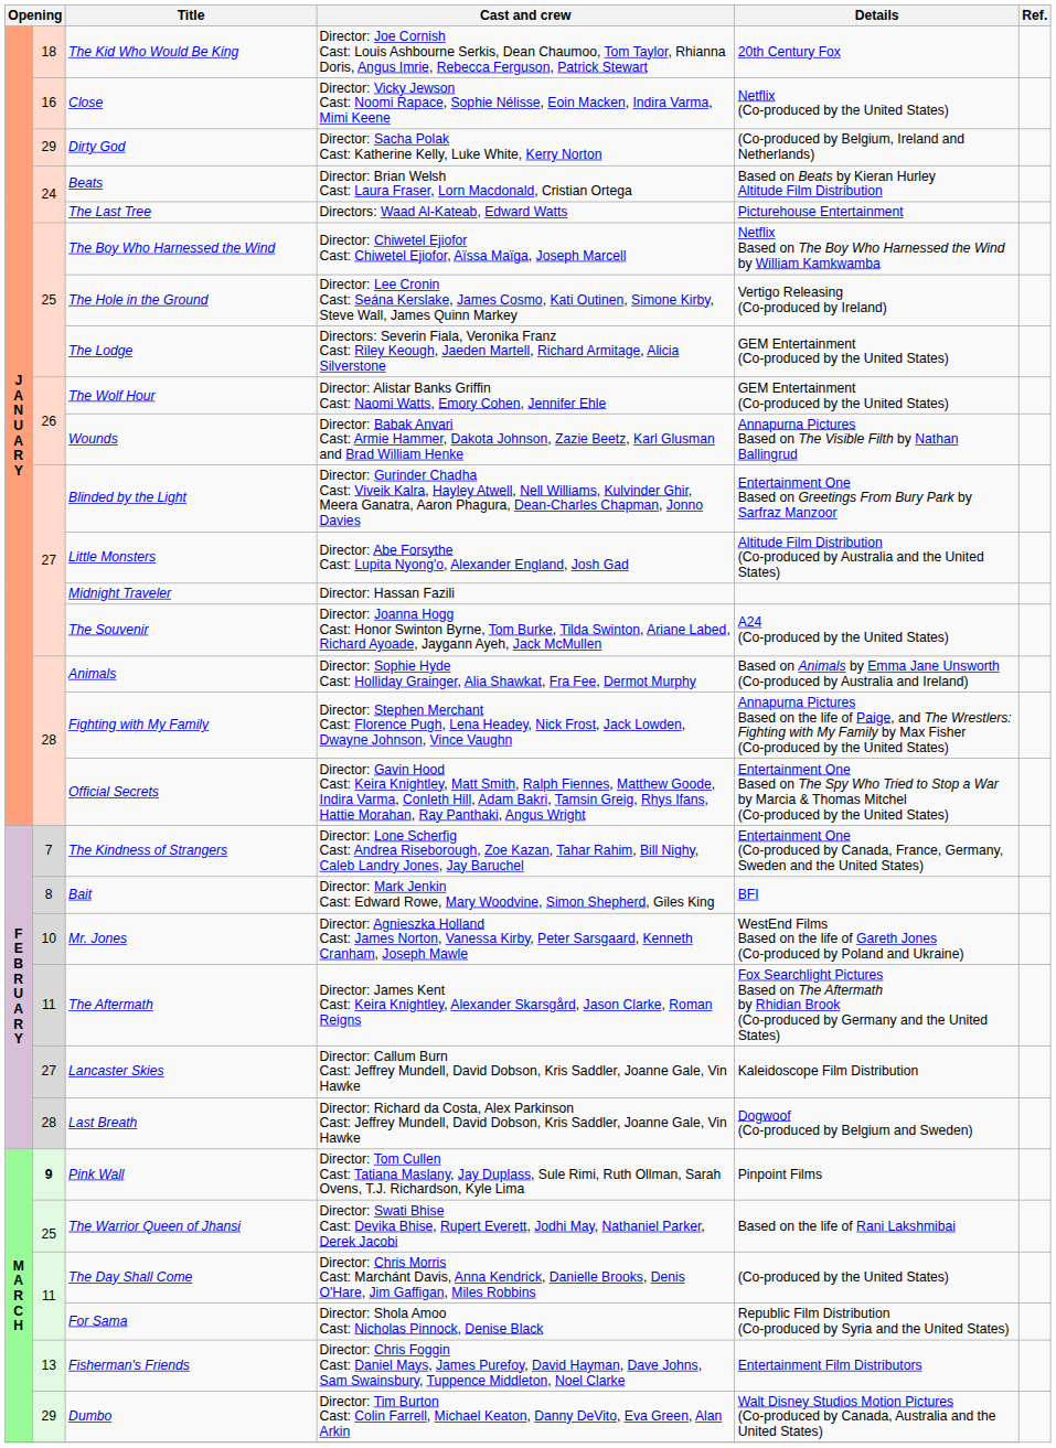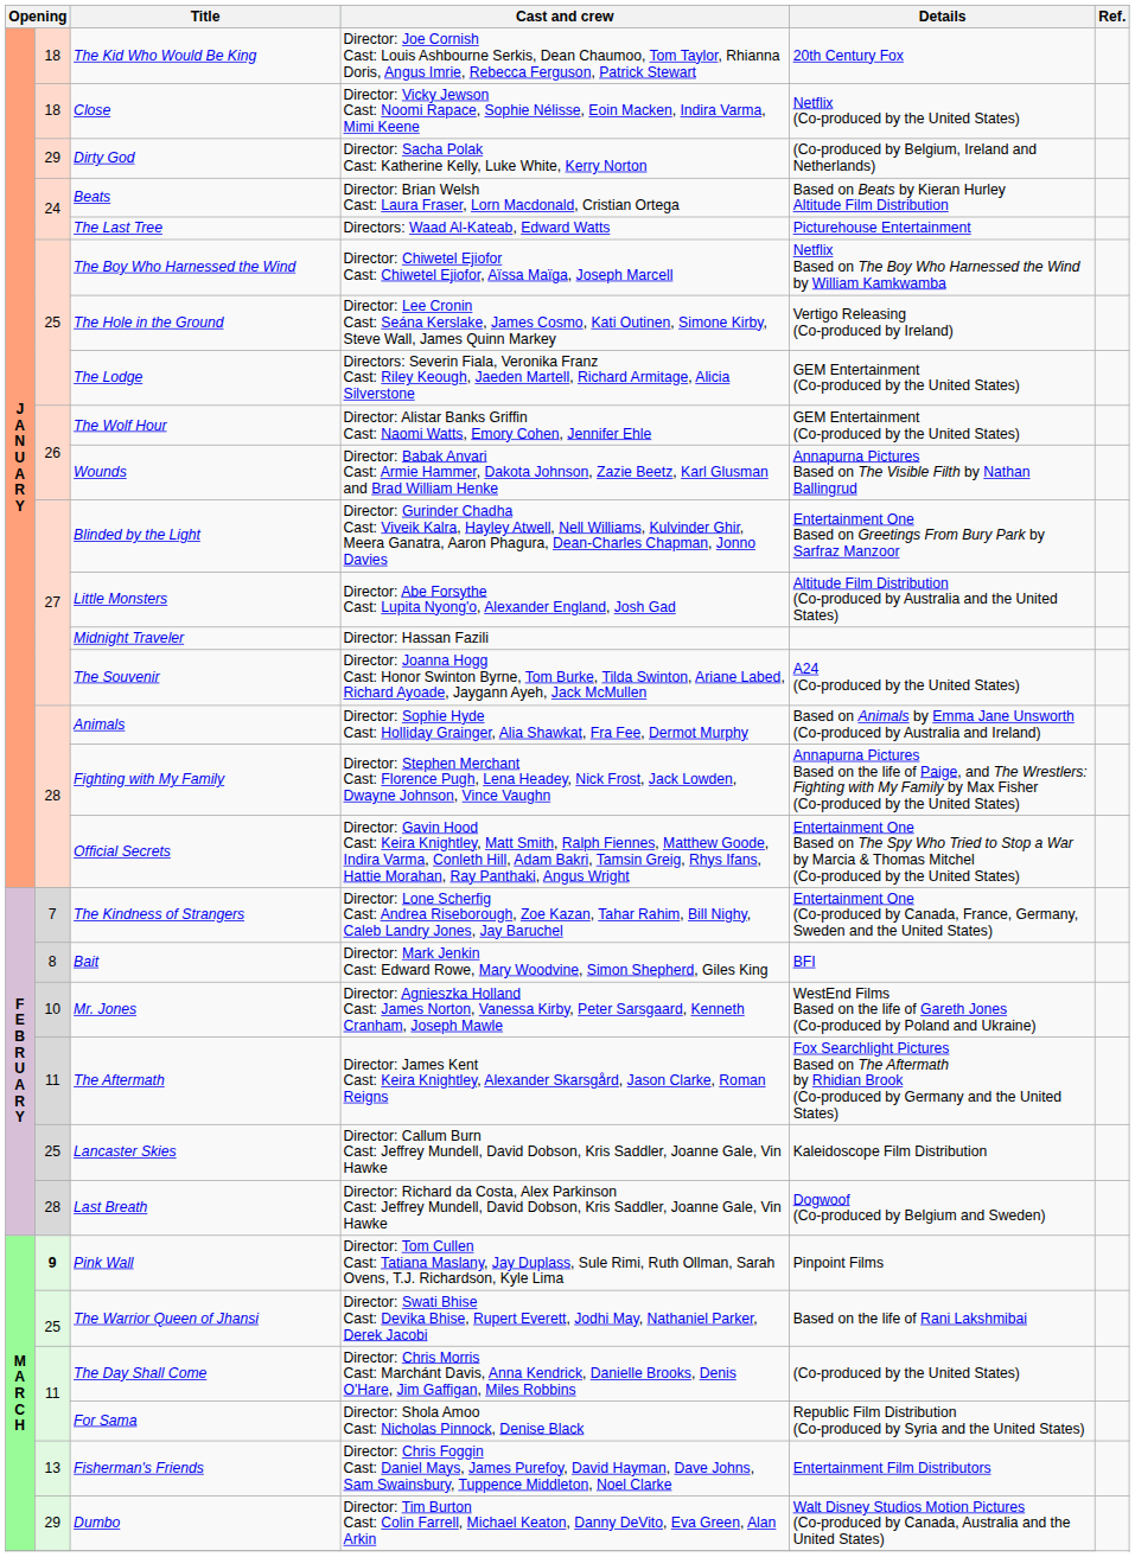 <table class="wikitable">
 <tr style="background:#b0e0e6; text-align:center;">
 <th colspan="2">Opening</th>
 <th style="width:24%;">Title</th>
 <th style="width:40%;">Cast and crew</th>
 <th>Details</th>
 <th style="width:2%;">Ref.</th>
 </tr>
 <tr>
 <th rowspan="17" style="text-align:center; background:#ffa07a; textcolor:#000;">J<br>A<br>N<br>U<br>A<br>R<br>Y</th>
 <td style="text-align:center; background:#ffdacc;">18</td>
 <td><em><a href='#'>The Kid Who Would Be King</a></em></td>
 <td>Director: <a href='#'>Joe Cornish</a> <br> Cast: Louis Ashbourne Serkis, Dean Chaumoo, <a href='#'>Tom Taylor</a>, Rhianna Doris, <a href='#'>Angus Imrie</a>, <a href='#'>Rebecca Ferguson</a>, <a href='#'>Patrick Stewart</a></td>
 <td><a href='#'>20th Century Fox</a></td>
 <td style="text-align:center"></td>
 </tr>
 <tr>
-<td style="text-align:center; background:#ffdacc;">16</td>
+<td style="text-align:center; background:#ffdacc;">18</td>
 <td><em><a href='#'>Close</a></em></td>
 <td>Director: <a href='#'>Vicky Jewson</a> <br> Cast: <a href='#'>Noomi Rapace</a>, <a href='#'>Sophie Nélisse</a>, <a href='#'>Eoin Macken</a>, <a href='#'>Indira Varma</a>, <a href='#'>Mimi Keene</a></td>
 <td><a href='#'>Netflix</a> <br> (Co-produced by the United States)</td>
 <td style="text-align:center"></td>
 </tr>
 <tr>
 <td style="text-align:center; background:#ffdacc;">29</td>
 <td><em><a href='#'>Dirty God</a></em></td>
 <td>Director: <a href='#'>Sacha Polak</a> <br> Cast: Katherine Kelly, Luke White, <a href='#'>Kerry Norton</a></td>
 <td>(Co-produced by Belgium, Ireland and Netherlands)</td>
 <td style="text-align:center"></td>
 </tr>
 <tr>
 <td rowspan="2" style="text-align:center; background:#ffdacc;">24</td>
 <td><em><a href='#'>Beats</a></em></td>
 <td>Director: Brian Welsh <br> Cast: <a href='#'>Laura Fraser</a>, <a href='#'>Lorn Macdonald</a>, Cristian Ortega</td>
 <td>Based on <em>Beats</em> by Kieran Hurley <br> <a href='#'>Altitude Film Distribution</a></td>
 <td></td>
 </tr>
 <tr>
 <td><em><a href='#'>The Last Tree</a></em></td>
 <td>Directors: <a href='#'>Waad Al-Kateab</a>, <a href='#'>Edward Watts</a></td>
 <td><a href='#'>Picturehouse Entertainment</a></td>
 <td style="text-align:center"></td>
 </tr>
 <tr>
 <td rowspan="3" style="text-align:center; background:#ffdacc;">25</td>
 <td><em><a href='#'>The Boy Who Harnessed the Wind</a></em></td>
 <td>Director: <a href='#'>Chiwetel Ejiofor</a> <br> Cast: <a href='#'>Chiwetel Ejiofor</a>, <a href='#'>Aïssa Maïga</a>, <a href='#'>Joseph Marcell</a></td>
 <td><a href='#'>Netflix</a> <br> Based on <em>The Boy Who Harnessed the Wind</em> by <a href='#'>William Kamkwamba</a></td>
 <td style="text-align:center"></td>
 </tr>
 <tr>
 <td><em><a href='#'>The Hole in the Ground</a></em></td>
 <td>Director: <a href='#'>Lee Cronin</a> <br> Cast: <a href='#'>Seána Kerslake</a>, <a href='#'>James Cosmo</a>, <a href='#'>Kati Outinen</a>, <a href='#'>Simone Kirby</a>, Steve Wall, James Quinn Markey</td>
 <td>Vertigo Releasing <br> (Co-produced by Ireland)</td>
 <td style="text-align:center"></td>
 </tr>
 <tr>
 <td><em><a href='#'>The Lodge</a></em></td>
 <td>Directors: Severin Fiala, Veronika Franz <br> Cast: <a href='#'>Riley Keough</a>, <a href='#'>Jaeden Martell</a>, <a href='#'>Richard Armitage</a>, <a href='#'>Alicia Silverstone</a></td>
 <td>GEM Entertainment <br> (Co-produced by the United States)</td>
 <td style="text-align:center"></td>
 </tr>
 <tr>
 <td rowspan="2" style="text-align:center; background:#ffdacc;">26</td>
 <td><em><a href='#'>The Wolf Hour</a></em></td>
 <td>Director: Alistar Banks Griffin <br> Cast: <a href='#'>Naomi Watts</a>, <a href='#'>Emory Cohen</a>, <a href='#'>Jennifer Ehle</a></td>
 <td>GEM Entertainment <br> (Co-produced by the United States)</td>
 <td style="text-align:center"></td>
 </tr>
 <tr>
 <td><em><a href='#'>Wounds</a></em></td>
 <td>Director: <a href='#'>Babak Anvari</a> <br> Cast: <a href='#'>Armie Hammer</a>, <a href='#'>Dakota Johnson</a>, <a href='#'>Zazie Beetz</a>, <a href='#'>Karl Glusman</a> and <a href='#'>Brad William Henke</a></td>
 <td><a href='#'>Annapurna Pictures</a> <br> Based on <em>The Visible Filth</em> by <a href='#'>Nathan Ballingrud</a></td>
 <td style="text-align:center"></td>
 </tr>
 <tr>
 <td rowspan="4" style="text-align:center; background:#ffdacc;">27</td>
 <td><em><a href='#'>Blinded by the Light</a></em></td>
 <td>Director: <a href='#'>Gurinder Chadha</a> <br> Cast: <a href='#'>Viveik Kalra</a>, <a href='#'>Hayley Atwell</a>, <a href='#'>Nell Williams</a>, <a href='#'>Kulvinder Ghir</a>, Meera Ganatra, Aaron Phagura, <a href='#'>Dean-Charles Chapman</a>, <a href='#'>Jonno Davies</a></td>
 <td><a href='#'>Entertainment One</a> <br> Based on <em>Greetings From Bury Park</em> by <a href='#'>Sarfraz Manzoor</a></td>
 <td style="text-align:center"></td>
 </tr>
 <tr>
 <td><em><a href='#'>Little Monsters</a></em></td>
 <td>Director: <a href='#'>Abe Forsythe</a> <br> Cast: <a href='#'>Lupita Nyong'o</a>, <a href='#'>Alexander England</a>, <a href='#'>Josh Gad</a></td>
 <td><a href='#'>Altitude Film Distribution</a> <br> (Co-produced by Australia and the United States)</td>
 <td style="text-align:center"></td>
 </tr>
 <tr>
 <td><em><a href='#'>Midnight Traveler</a></em></td>
 <td>Director: Hassan Fazili</td>
 <td></td>
 <td style="text-align:center"></td>
 </tr>
 <tr>
 <td><em><a href='#'>The Souvenir</a></em></td>
 <td>Director: <a href='#'>Joanna Hogg</a> <br> Cast: Honor Swinton Byrne, <a href='#'>Tom Burke</a>, <a href='#'>Tilda Swinton</a>, <a href='#'>Ariane Labed</a>, <a href='#'>Richard Ayoade</a>, Jaygann Ayeh, <a href='#'>Jack McMullen</a></td>
 <td><a href='#'>A24</a> <br> (Co-produced by the United States)</td>
 <td style="text-align:center"></td>
 </tr>
 <tr>
 <td rowspan="3" style="text-align:center; background:#ffdacc;">28</td>
 <td><em><a href='#'>Animals</a></em></td>
 <td>Director: <a href='#'>Sophie Hyde</a> <br> Cast: <a href='#'>Holliday Grainger</a>, <a href='#'>Alia Shawkat</a>, <a href='#'>Fra Fee</a>, <a href='#'>Dermot Murphy</a></td>
 <td>Based on <a href='#'><em>Animals</em></a> by <a href='#'>Emma Jane Unsworth</a> <br> (Co-produced by Australia and Ireland)</td>
 <td style="text-align:center"></td>
 </tr>
 <tr>
 <td><em><a href='#'>Fighting with My Family</a></em></td>
 <td>Director: <a href='#'>Stephen Merchant</a> <br> Cast: <a href='#'>Florence Pugh</a>, <a href='#'>Lena Headey</a>, <a href='#'>Nick Frost</a>, <a href='#'>Jack Lowden</a>, <a href='#'>Dwayne Johnson</a>, <a href='#'>Vince Vaughn</a></td>
 <td><a href='#'>Annapurna Pictures</a> <br> Based on the life of <a href='#'>Paige</a>, and <em>The Wrestlers: Fighting with My Family</em> by Max Fisher <br> (Co-produced by the United States)</td>
 <td style="text-align:center"></td>
 </tr>
 <tr>
 <td><em><a href='#'>Official Secrets</a></em></td>
 <td>Director: <a href='#'>Gavin Hood</a> <br> Cast: <a href='#'>Keira Knightley</a>, <a href='#'>Matt Smith</a>, <a href='#'>Ralph Fiennes</a>, <a href='#'>Matthew Goode</a>, <a href='#'>Indira Varma</a>, <a href='#'>Conleth Hill</a>, <a href='#'>Adam Bakri</a>, <a href='#'>Tamsin Greig</a>, <a href='#'>Rhys Ifans</a>, <a href='#'>Hattie Morahan</a>, <a href='#'>Ray Panthaki</a>, <a href='#'>Angus Wright</a></td>
 <td><a href='#'>Entertainment One</a> <br> Based on <em>The Spy Who Tried to Stop a War</em> by Marcia & Thomas Mitchel <br> (Co-produced by the United States)</td>
 <td style="text-align:center"></td>
 </tr>
 <tr>
 <th rowspan="6" style="text-align:center; background:thistle; textcolor:#000;">F<br>E<br>B<br>R<br>U<br>A<br>R<br>Y</th>
 <td style="text-align:center; background:#d8d8d8;">7</td>
 <td><em><a href='#'>The Kindness of Strangers</a></em></td>
 <td>Director: <a href='#'>Lone Scherfig</a> <br> Cast: <a href='#'>Andrea Riseborough</a>, <a href='#'>Zoe Kazan</a>, <a href='#'>Tahar Rahim</a>, <a href='#'>Bill Nighy</a>, <a href='#'>Caleb Landry Jones</a>, <a href='#'>Jay Baruchel</a></td>
 <td><a href='#'>Entertainment One</a> <br> (Co-produced by Canada, France, Germany, Sweden and the United States)</td>
 <td style="text-align:center"></td>
 </tr>
 <tr>
 <td style="text-align:center; background:#d8d8d8;">8</td>
 <td><em><a href='#'>Bait</a></em></td>
 <td>Director: <a href='#'>Mark Jenkin</a> <br> Cast: Edward Rowe, <a href='#'>Mary Woodvine</a>, <a href='#'>Simon Shepherd</a>, Giles King</td>
 <td><a href='#'>BFI</a></td>
 <td></td>
 </tr>
 <tr>
 <td style="text-align:center; background:#d8d8d8;">10</td>
 <td><em><a href='#'>Mr. Jones</a></em></td>
 <td>Director: <a href='#'>Agnieszka Holland</a> <br> Cast: <a href='#'>James Norton</a>, <a href='#'>Vanessa Kirby</a>, <a href='#'>Peter Sarsgaard</a>, <a href='#'>Kenneth Cranham</a>, <a href='#'>Joseph Mawle</a></td>
 <td>WestEnd Films <br> Based on the life of <a href='#'>Gareth Jones</a> <br> (Co-produced by Poland and Ukraine)</td>
 <td style="text-align:center"></td>
 </tr>
 <tr>
 <td style="text-align:center; background:#d8d8d8;">11</td>
 <td><em><a href='#'>The Aftermath</a></em></td>
 <td>Director: James Kent <br> Cast: <a href='#'>Keira Knightley</a>, <a href='#'>Alexander Skarsgård</a>, <a href='#'>Jason Clarke</a>, <a href='#'>Roman Reigns</a></td>
 <td><a href='#'>Fox Searchlight Pictures</a> <br> Based on <em>The Aftermath</em><br>by <a href='#'>Rhidian Brook</a> <br> (Co-produced by Germany and the United States)</td>
 <td style="text-align:center"></td>
 </tr>
 <tr>
-<td style="text-align:center; background:#d8d8d8;">27</td>
+<td style="text-align:center; background:#d8d8d8;">25</td>
 <td><em><a href='#'>Lancaster Skies</a></em></td>
 <td>Director: Callum Burn <br> Cast: Jeffrey Mundell, David Dobson, Kris Saddler, Joanne Gale, Vin Hawke</td>
 <td>Kaleidoscope Film Distribution</td>
 <td style="text-align:center"></td>
 </tr>
 <tr>
 <td style="text-align:center; background:#d8d8d8;">28</td>
 <td><em><a href='#'>Last Breath</a></em></td>
 <td>Director: Richard da Costa, Alex Parkinson <br> Cast: Jeffrey Mundell, David Dobson, Kris Saddler, Joanne Gale, Vin Hawke</td>
 <td><a href='#'>Dogwoof</a> <br> (Co-produced by Belgium and Sweden)</td>
 <td style="text-align:center"></td>
 </tr>
 <tr>
 <th rowspan="6" style="text-align:center; background:#98fb98; textcolor:#000;">M<br>A<br>R<br>C<br>H</th>
 <td style="text-align:center; background:#e0f9e0;"><strong>9</strong></td>
 <td><em><a href='#'>Pink Wall</a></em></td>
 <td>Director: <a href='#'>Tom Cullen</a> <br> Cast: <a href='#'>Tatiana Maslany</a>, <a href='#'>Jay Duplass</a>, Sule Rimi, Ruth Ollman, Sarah Ovens, T.J. Richardson, Kyle Lima</td>
 <td>Pinpoint Films</td>
 <td style="text-align:center"></td>
 </tr>
 <tr>
 <td style="text-align:center; background:#e0f9e0;"><br>25</td>
 <td><em><a href='#'>The Warrior Queen of Jhansi</a></em></td>
 <td>Director: <a href='#'>Swati Bhise</a> <br> Cast: <a href='#'>Devika Bhise</a>, <a href='#'>Rupert Everett</a>, <a href='#'>Jodhi May</a>, <a href='#'>Nathaniel Parker</a>, <a href='#'>Derek Jacobi</a></td>
 <td>Based on the life of <a href='#'>Rani Lakshmibai</a></td>
 <td style="text-align:center"></td>
 </tr>
 <tr>
 <td rowspan="2" style="text-align:center; background:#e0f9e0;">11</td>
 <td><em><a href='#'>The Day Shall Come</a></em></td>
 <td>Director: <a href='#'>Chris Morris</a> <br> Cast: Marchánt Davis, <a href='#'>Anna Kendrick</a>, <a href='#'>Danielle Brooks</a>, <a href='#'>Denis O'Hare</a>, <a href='#'>Jim Gaffigan</a>, <a href='#'>Miles Robbins</a></td>
 <td>(Co-produced by the United States)</td>
 <td style="text-align:center"></td>
 </tr>
 <tr>
 <td><em><a href='#'>For Sama</a></em></td>
 <td>Director: Shola Amoo <br> Cast: <a href='#'>Nicholas Pinnock</a>, <a href='#'>Denise Black</a></td>
 <td>Republic Film Distribution <br> (Co-produced by Syria and the United States)</td>
 <td style="text-align:center"></td>
 </tr>
 <tr>
 <td style="text-align:center; background:#e0f9e0;">13</td>
 <td><em><a href='#'>Fisherman's Friends</a></em></td>
 <td>Director: <a href='#'>Chris Foggin</a> <br> Cast: <a href='#'>Daniel Mays</a>, <a href='#'>James Purefoy</a>, <a href='#'>David Hayman</a>, <a href='#'>Dave Johns</a>, <a href='#'>Sam Swainsbury</a>, <a href='#'>Tuppence Middleton</a>, <a href='#'>Noel Clarke</a></td>
 <td><a href='#'>Entertainment Film Distributors</a></td>
 <td style="text-align:center"></td>
 </tr>
 <tr>
 <td style="text-align:center; background:#e0f9e0;">29</td>
 <td><em><a href='#'>Dumbo</a></em></td>
 <td>Director: <a href='#'>Tim Burton</a> <br> Cast: <a href='#'>Colin Farrell</a>, <a href='#'>Michael Keaton</a>, <a href='#'>Danny DeVito</a>, <a href='#'>Eva Green</a>, <a href='#'>Alan Arkin</a></td>
 <td><a href='#'>Walt Disney Studios Motion Pictures</a> <br> (Co-produced by Canada, Australia and the United States)</td>
 </tr>
 <tr>
 </tr>
 </table>
